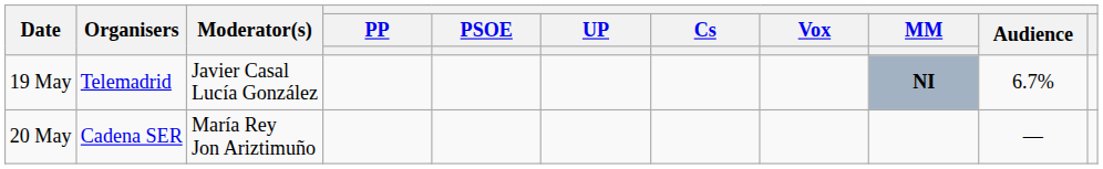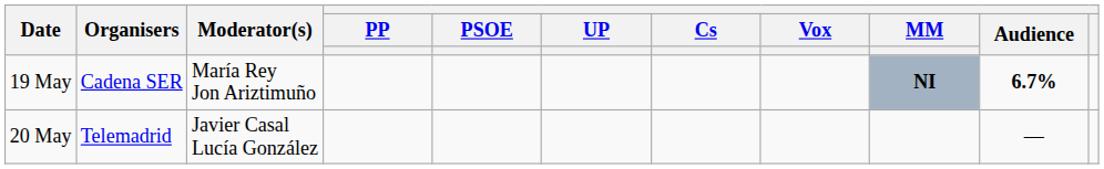 <table class="wikitable" style="text-align:center;">
 <tr>
 <th rowspan="3">Date</th>
 <th rowspan="3">Organisers</th>
 <th rowspan="3">Moderator(s)</th>
 <th colspan="8">      </th>
 </tr>
 <tr>
 <th scope="col" style="width:5em;"><a href='#'>PP</a></th>
 <th scope="col" style="width:5em;"><a href='#'>PSOE</a></th>
 <th scope="col" style="width:5em;"><a href='#'>UP</a></th>
 <th scope="col" style="width:5em;"><a href='#'>Cs</a></th>
 <th scope="col" style="width:5em;"><a href='#'>Vox</a></th>
 <th scope="col" style="width:5em;"><a href='#'>MM</a></th>
 <th rowspan="2" scope="col" style="width:5em;">Audience</th>
 <th rowspan="2"></th>
 </tr>
 <tr>
 <th style="color:inherit;background:"></th>
 <th style="color:inherit;background:"></th>
 <th style="color:inherit;background:"></th>
 <th style="color:inherit;background:"></th>
 <th style="color:inherit;background:"></th>
 <th style="color:inherit;background:"></th>
 </tr>
 <tr>
 <td style="white-space:nowrap; text-align:left;">19 May</td>
-<td style="white-space:nowrap; text-align:left;"><a href='#'>Telemadrid</a></td>
-<td style="white-space:nowrap; text-align:left;">Javier Casal<br>Lucía González</td>
+<td style="white-space:nowrap; text-align:left;"><a href='#'>Cadena SER</a></td>
+<td style="white-space:nowrap; text-align:left;">María Rey<br>Jon Ariztimuño</td>
 <td></td>
 <td></td>
 <td></td>
 <td></td>
 <td></td>
 <td style="background:#A2B2C2;"><strong>NI</strong></td>
-<td>6.7%<br></td>
+<td><strong>6.7%<br></strong></td>
 <td></td>
 </tr>
 <tr>
 <td style="white-space:nowrap; text-align:left;">20 May</td>
-<td style="white-space:nowrap; text-align:left;"><a href='#'>Cadena SER</a></td>
-<td style="white-space:nowrap; text-align:left;">María Rey<br>Jon Ariztimuño</td>
+<td style="white-space:nowrap; text-align:left;"><a href='#'>Telemadrid</a></td>
+<td style="white-space:nowrap; text-align:left;">Javier Casal<br>Lucía González</td>
 <td></td>
 <td></td>
 <td></td>
 <td></td>
 <td></td>
 <td></td>
 <td>—</td>
 <td></td>
 </tr>
 </table>
